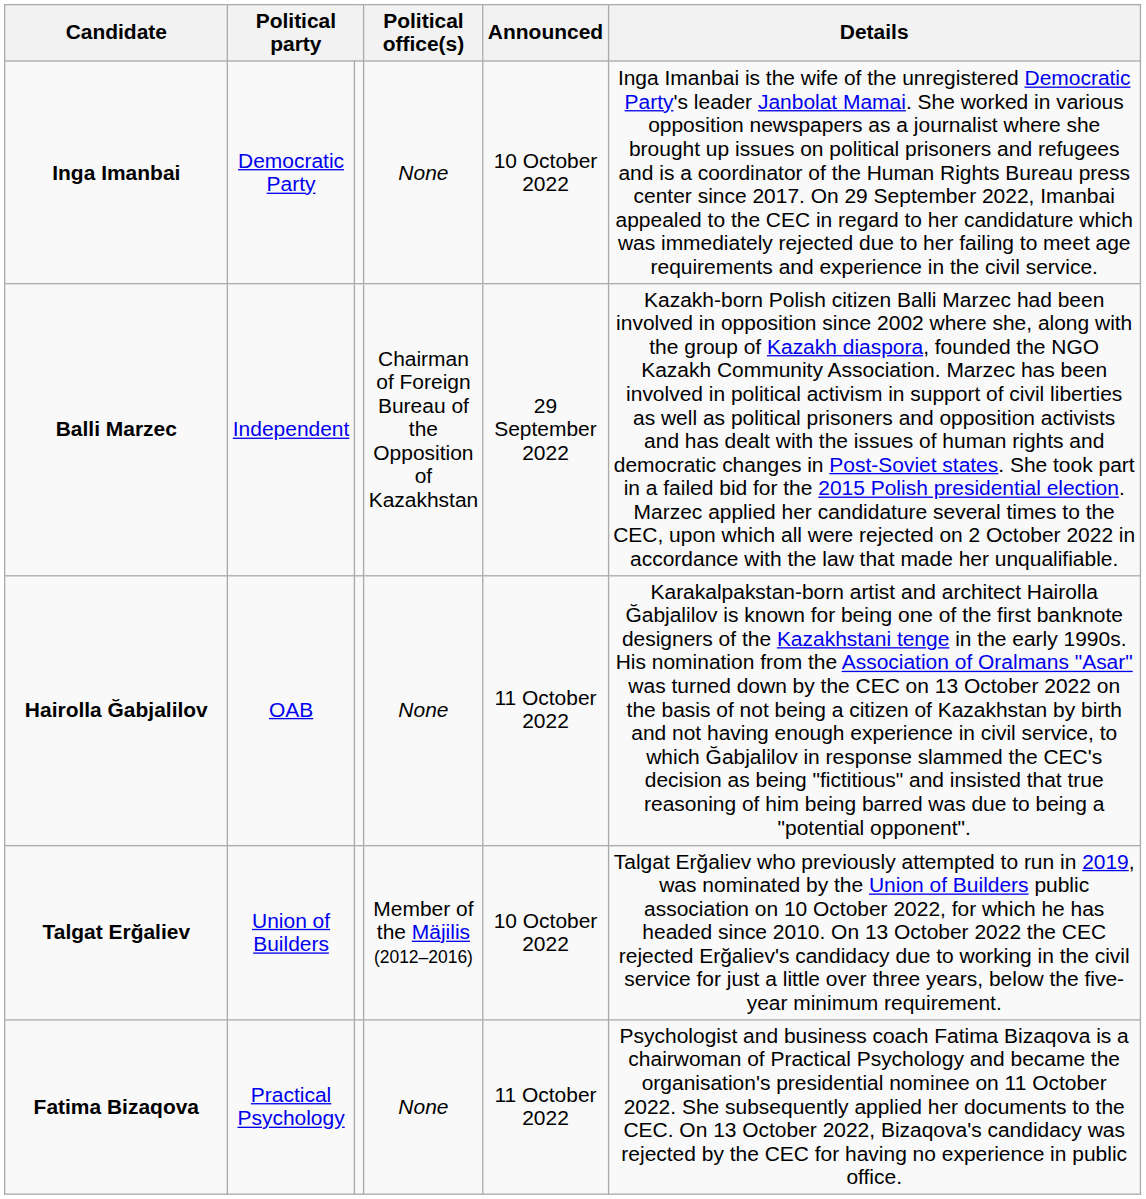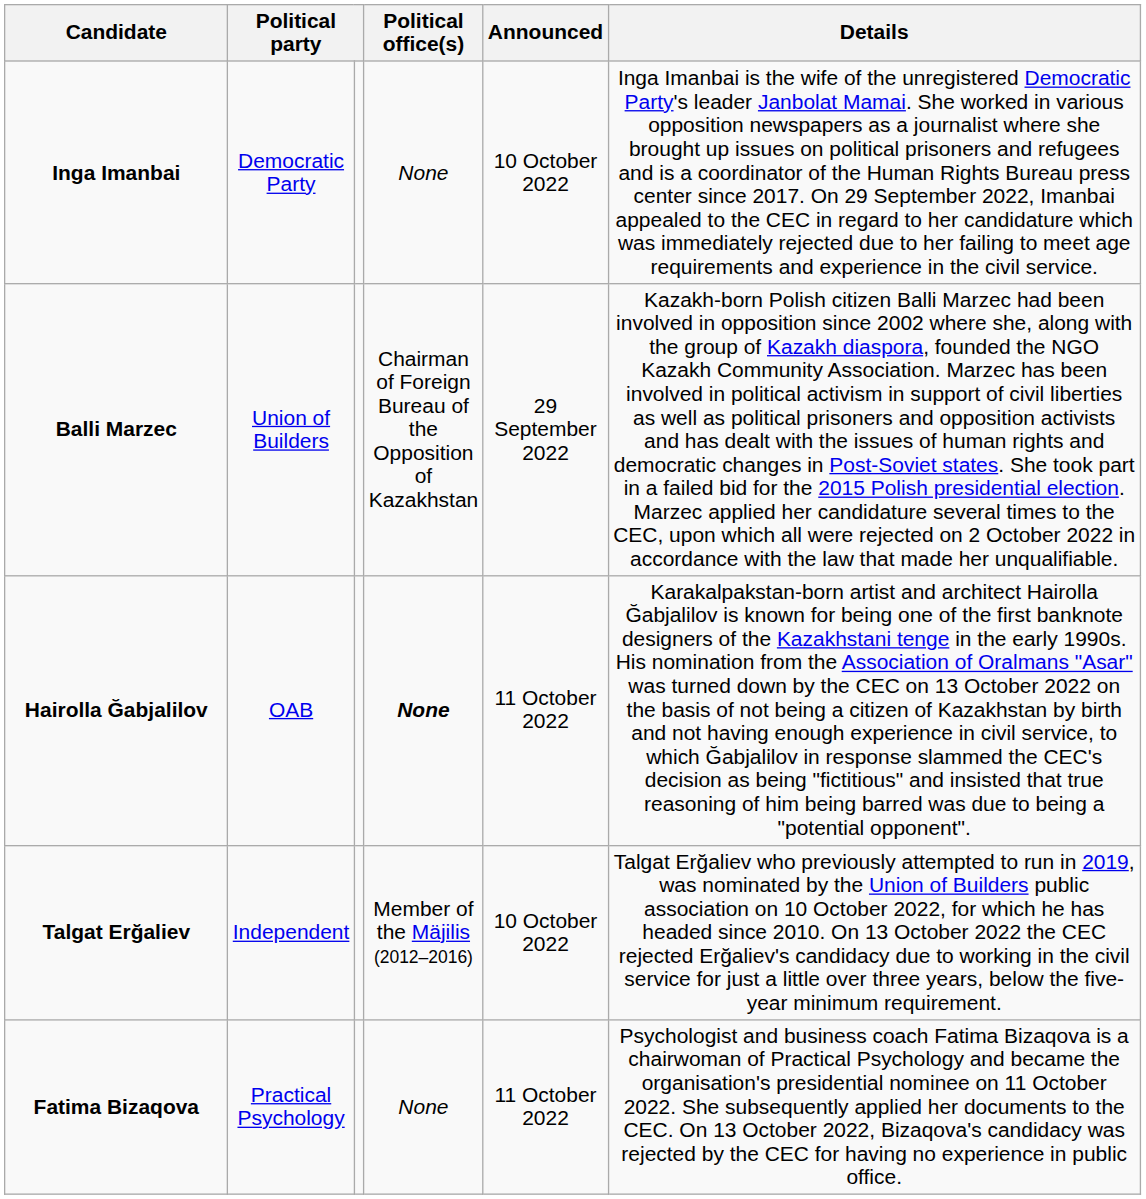 <table class="wikitable" style="text-align:center;">
 <tr>
 <th style="width:20%;">Candidate</th>
 <th colspan="2">Political party</th>
 <th>Political office(s)</th>
 <th>Announced</th>
 <th style="width:48%;">Details</th>
 </tr>
 <tr>
 <td><strong>Inga Imanbai</strong></td>
 <td><a href='#'>Democratic Party</a></td>
 <td style="background-color:"></td>
 <td><em>None</em></td>
 <td>10 October 2022</td>
 <td>Inga Imanbai is the wife of the unregistered <a href='#'>Democratic Party</a>'s leader <a href='#'>Janbolat Mamai</a>. She worked in various opposition newspapers as a journalist where she brought up issues on political prisoners and refugees and is a coordinator of the Human Rights Bureau press center since 2017. On 29 September 2022, Imanbai appealed to the CEC in regard to her candidature which was immediately rejected due to her failing to meet age requirements and experience in the civil service.</td>
 </tr>
 <tr>
 <td><strong>Balli Marzec</strong><br></td>
-<td><a href='#'>Independent</a></td>
+<td><a href='#'>Union of Builders</a></td>
 <td></td>
 <td>Chairman of Foreign Bureau of the Opposition of Kazakhstan</td>
 <td>29 September 2022</td>
 <td>Kazakh-born Polish citizen Balli Marzec had been involved in opposition since 2002 where she, along with the group of <a href='#'>Kazakh diaspora</a>, founded the NGO Kazakh Community Association. Marzec has been involved in political activism in support of civil liberties as well as political prisoners and opposition activists and has dealt with the issues of human rights and democratic changes in <a href='#'>Post-Soviet states</a>. She took part in a failed bid for the <a href='#'>2015 Polish presidential election</a>. Marzec applied her candidature several times to the CEC, upon which all were rejected on 2 October 2022 in accordance with the law that made her unqualifiable.</td>
 </tr>
 <tr>
 <td><strong>Hairolla Ğabjalilov</strong></td>
 <td><a href='#'>OAB</a></td>
 <td></td>
-<td><em>None</em></td>
+<td><strong><em>None</em></strong></td>
 <td>11 October 2022</td>
 <td>Karakalpakstan-born artist and architect Hairolla Ğabjalilov is known for being one of the first banknote designers of the <a href='#'>Kazakhstani tenge</a> in the early 1990s. His nomination from the <a href='#'>Association of Oralmans "Asar"</a> was turned down by the CEC on 13 October 2022 on the basis of not being a citizen of Kazakhstan by birth and not having enough experience in civil service, to which Ğabjalilov in response slammed the CEC's decision as being "fictitious" and insisted that true reasoning of him being barred was due to being a "potential opponent".</td>
 </tr>
 <tr>
 <td><strong>Talgat Erğaliev</strong></td>
-<td><a href='#'>Union of Builders</a></td>
+<td><a href='#'>Independent</a></td>
 <td></td>
 <td>Member of the <a href='#'>Mäjilis</a><br><small>(2012–2016)</small></td>
 <td>10 October 2022</td>
 <td>Talgat Erğaliev who previously attempted to run in <a href='#'>2019</a>, was nominated by the <a href='#'>Union of Builders</a> public association on 10 October 2022, for which he has headed since 2010. On 13 October 2022 the CEC rejected Erğaliev's candidacy due to working in the civil service for just a little over three years, below the five-year minimum requirement.</td>
 </tr>
 <tr>
 <td><strong>Fatima Bizaqova</strong></td>
 <td><a href='#'>Practical Psychology</a></td>
 <td></td>
 <td><em>None</em></td>
 <td>11 October 2022</td>
 <td>Psychologist and business coach Fatima Bizaqova is a chairwoman of Practical Psychology and became the organisation's presidential nominee on 11 October 2022. She subsequently applied her documents to the CEC. On 13 October 2022, Bizaqova's candidacy was rejected by the CEC for having no experience in public office.</td>
 </tr>
 </table>
